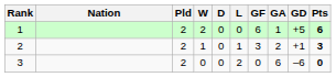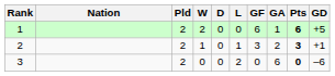 <table class="wikitable" style="text-align: center;">
 <tr>
 <th width=5>Rank</th>
 <th width=200>Nation</th>
 <th width=20>Pld</th>
 <th width=20>W</th>
 <th width=20>D</th>
 <th width=20>L</th>
 <th width=20>GF</th>
 <th width=20>GA</th>
+<th width=20>Pts</th>
 <th width=20>GD</th>
-<th width=20>Pts</th>
 </tr>
 <tr style="background:#ccffcc">
 <td>1</td>
 <td align=left></td>
 <td>2</td>
 <td>2</td>
 <td>0</td>
 <td>0</td>
 <td>6</td>
 <td>1</td>
+<td><strong>6</strong></td>
 <td>+5</td>
-<td><strong>6</strong></td>
 </tr>
 <tr>
 <td>2</td>
 <td align=left></td>
 <td>2</td>
 <td>1</td>
 <td>0</td>
 <td>1</td>
 <td>3</td>
 <td>2</td>
+<td><strong>3</strong></td>
 <td>+1</td>
-<td><strong>3</strong></td>
 </tr>
 <tr>
 <td>3</td>
 <td align=left></td>
 <td>2</td>
 <td>0</td>
 <td>0</td>
 <td>2</td>
 <td>0</td>
 <td>6</td>
+<td><strong>0</strong></td>
 <td>–6</td>
-<td><strong>0</strong></td>
 </tr>
 </table>
